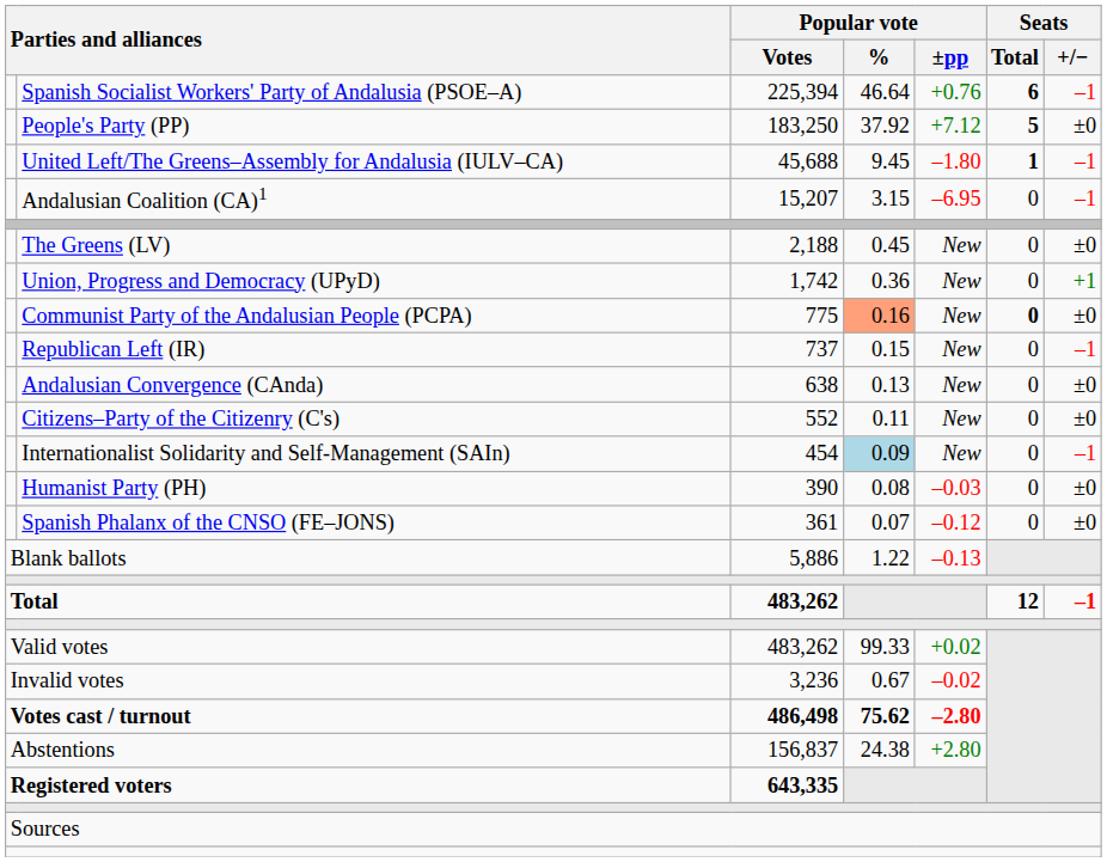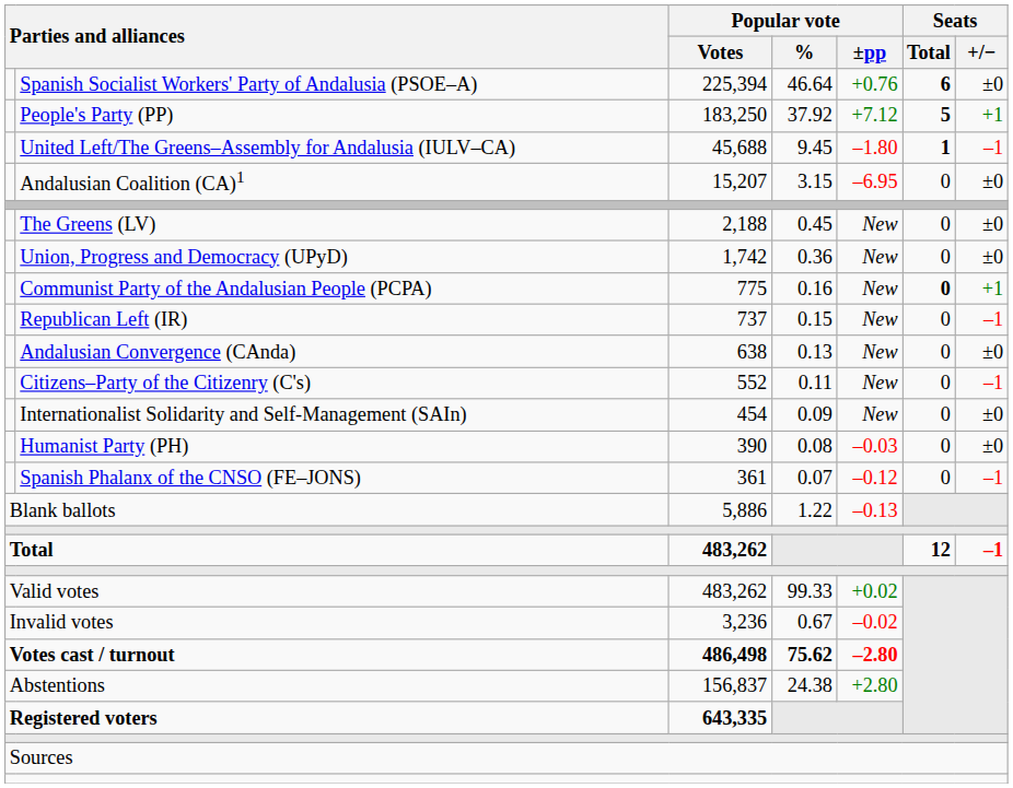 <table class="wikitable" style="text-align:right;">
 <tr>
 <th style="text-align:left;" rowspan="2" colspan="2" width="525">Parties and alliances</th>
 <th colspan="3">Popular vote</th>
 <th colspan="2">Seats</th>
 </tr>
 <tr>
 <th width="75">Votes</th>
 <th width="45">%</th>
 <th width="45">±<a href='#'>pp</a></th>
 <th width="35">Total</th>
 <th width="35">+/−</th>
 </tr>
 <tr>
 <td width="1" style="color:inherit;background:"></td>
 <td align="left"><a href='#'>Spanish Socialist Workers' Party of Andalusia</a> (PSOE–A)</td>
 <td>225,394</td>
 <td>46.64</td>
 <td style="color:green;">+0.76</td>
 <td><strong>6</strong></td>
-<td style="color:red;">–1</td>
+<td>±0</td>
 </tr>
 <tr>
 <td style="color:inherit;background:"></td>
 <td align="left"><a href='#'>People's Party</a> (PP)</td>
 <td>183,250</td>
 <td>37.92</td>
 <td style="color:green;">+7.12</td>
 <td><strong>5</strong></td>
-<td>±0</td>
+<td style="color:green;">+1</td>
 </tr>
 <tr>
 <td style="color:inherit;background:"></td>
 <td align="left"><a href='#'>United Left/The Greens–Assembly for Andalusia</a> (IULV–CA)</td>
 <td>45,688</td>
 <td>9.45</td>
 <td style="color:red;">–1.80</td>
 <td><strong>1</strong></td>
 <td style="color:red;">–1</td>
 </tr>
 <tr>
 <td style="color:inherit;background:"></td>
 <td align="left">Andalusian Coalition (CA)<sup>1</sup></td>
 <td>15,207</td>
 <td>3.15</td>
 <td style="color:red;">–6.95</td>
 <td>0</td>
-<td style="color:red;">–1</td>
+<td>±0</td>
 </tr>
 <tr>
 <td colspan="7" bgcolor="#C0C0C0"></td>
 </tr>
 <tr>
 <td style="color:inherit;background:"></td>
 <td align="left"><a href='#'>The Greens</a> (LV)</td>
 <td>2,188</td>
 <td>0.45</td>
 <td><em>New</em></td>
 <td>0</td>
 <td>±0</td>
 </tr>
 <tr>
 <td style="color:inherit;background:"></td>
 <td align="left"><a href='#'>Union, Progress and Democracy</a> (UPyD)</td>
 <td>1,742</td>
 <td>0.36</td>
 <td><em>New</em></td>
 <td>0</td>
-<td style="color:green;">+1</td>
+<td>±0</td>
 </tr>
 <tr>
 <td style="color:inherit;background:"></td>
 <td align="left"><a href='#'>Communist Party of the Andalusian People</a> (PCPA)</td>
 <td>775</td>
-<td style="background: lightsalmon;">0.16</td>
+<td>0.16</td>
 <td><em>New</em></td>
 <td><strong>0</strong></td>
-<td>±0</td>
+<td style="color:green;">+1</td>
 </tr>
 <tr>
 <td style="color:inherit;background:"></td>
 <td align="left"><a href='#'>Republican Left</a> (IR)</td>
 <td>737</td>
 <td>0.15</td>
 <td><em>New</em></td>
 <td>0</td>
 <td style="color:red;">–1</td>
 </tr>
 <tr>
 <td style="color:inherit;background:"></td>
 <td align="left"><a href='#'>Andalusian Convergence</a> (CAnda)</td>
 <td>638</td>
 <td>0.13</td>
 <td><em>New</em></td>
 <td>0</td>
 <td>±0</td>
 </tr>
 <tr>
 <td style="color:inherit;background:"></td>
 <td align="left"><a href='#'>Citizens–Party of the Citizenry</a> (C's)</td>
 <td>552</td>
 <td>0.11</td>
 <td><em>New</em></td>
 <td>0</td>
-<td>±0</td>
+<td style="color:red;">–1</td>
 </tr>
 <tr>
 <td style="color:inherit;background:"></td>
 <td align="left">Internationalist Solidarity and Self-Management (SAIn)</td>
 <td>454</td>
-<td style="background: lightblue;">0.09</td>
+<td>0.09</td>
 <td><em>New</em></td>
 <td>0</td>
-<td style="color:red;">–1</td>
+<td>±0</td>
 </tr>
 <tr>
 <td style="color:inherit;background:"></td>
 <td align="left"><a href='#'>Humanist Party</a> (PH)</td>
 <td>390</td>
 <td>0.08</td>
 <td style="color:red;">–0.03</td>
 <td>0</td>
 <td>±0</td>
 </tr>
 <tr>
 <td style="color:inherit;background:"></td>
 <td align="left"><a href='#'>Spanish Phalanx of the CNSO</a> (FE–JONS)</td>
 <td>361</td>
 <td>0.07</td>
 <td style="color:red;">–0.12</td>
 <td>0</td>
-<td>±0</td>
+<td style="color:red;">–1</td>
 </tr>
 <tr>
 <td align="left" colspan="2">Blank ballots</td>
 <td>5,886</td>
 <td>1.22</td>
 <td style="color:red;">–0.13</td>
 <td bgcolor="#E9E9E9" colspan="2"></td>
 </tr>
 <tr>
 <td colspan="7" bgcolor="#E9E9E9"></td>
 </tr>
 <tr style="font-weight:bold;">
 <td align="left" colspan="2">Total</td>
 <td>483,262</td>
 <td bgcolor="#E9E9E9" colspan="2"></td>
 <td>12</td>
 <td style="color:red;">–1</td>
 </tr>
 <tr>
 <td colspan="7" bgcolor="#E9E9E9"></td>
 </tr>
 <tr>
 <td align="left" colspan="2">Valid votes</td>
 <td>483,262</td>
 <td>99.33</td>
 <td style="color:green;">+0.02</td>
 <td bgcolor="#E9E9E9" colspan="2" rowspan="5"></td>
 </tr>
 <tr>
 <td align="left" colspan="2">Invalid votes</td>
 <td>3,236</td>
 <td>0.67</td>
 <td style="color:red;">–0.02</td>
 </tr>
 <tr style="font-weight:bold;">
 <td align="left" colspan="2">Votes cast / turnout</td>
 <td>486,498</td>
 <td>75.62</td>
 <td style="color:red;">–2.80</td>
 </tr>
 <tr>
 <td align="left" colspan="2">Abstentions</td>
 <td>156,837</td>
 <td>24.38</td>
 <td style="color:green;">+2.80</td>
 </tr>
 <tr style="font-weight:bold;">
 <td align="left" colspan="2">Registered voters</td>
 <td>643,335</td>
 <td bgcolor="#E9E9E9" colspan="2"></td>
 </tr>
 <tr>
 <td colspan="7" bgcolor="#E9E9E9"></td>
 </tr>
 <tr>
 <td align="left" colspan="7">Sources</td>
 </tr>
 <tr>
 <td colspan="7" style="text-align:left; max-width:790px;"></td>
 </tr>
 </table>
